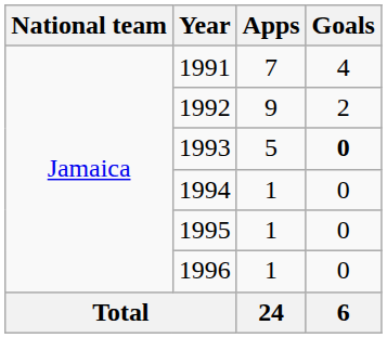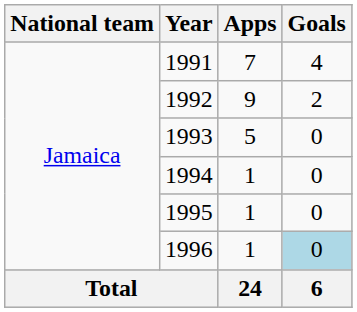 <table class="wikitable" style="text-align:center">
 <tr>
 <th>National team</th>
 <th>Year</th>
 <th>Apps</th>
 <th>Goals</th>
 </tr>
 <tr>
 <td rowspan="6"><a href='#'>Jamaica</a></td>
 <td>1991</td>
 <td>7</td>
 <td>4</td>
 </tr>
 <tr>
 <td>1992</td>
 <td>9</td>
 <td>2</td>
 </tr>
 <tr>
 <td>1993</td>
 <td>5</td>
-<td><strong>0</strong></td>
+<td>0</td>
 </tr>
 <tr>
 <td>1994</td>
 <td>1</td>
 <td>0</td>
 </tr>
 <tr>
 <td>1995</td>
 <td>1</td>
 <td>0</td>
 </tr>
 <tr>
 <td>1996</td>
 <td>1</td>
-<td>0</td>
+<td style="background: lightblue;">0</td>
 </tr>
 <tr>
 <th colspan=2>Total</th>
 <th>24</th>
 <th>6</th>
 </tr>
 </table>
